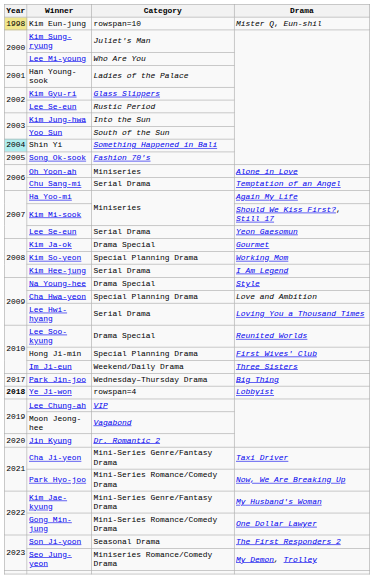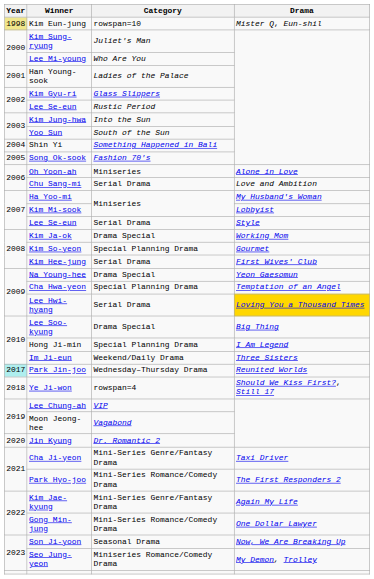 <table class="wikitable" style="width:600px">
 <tr>
 <th width=10>Year</th>
 <th>Winner</th>
 <th>Category</th>
 <th>Drama</th>
 </tr>
 <tr>
 <td style="background: khaki;">1998</td>
 <td>Kim Eun-jung</td>
 <td>rowspan=10 </td>
 <td><em>Mister Q</em>, <em>Eun-shil</em></td>
 </tr>
 <tr>
 <td rowspan=2>2000</td>
 <td><a href='#'>Kim Sung-ryung</a></td>
 <td><em>Juliet's Man</em></td>
 </tr>
 <tr>
 <td><a href='#'>Lee Mi-young</a></td>
 <td><em>Who Are You</em></td>
 </tr>
 <tr>
 <td>2001</td>
 <td>Han Young-sook</td>
 <td><em>Ladies of the Palace</em></td>
 </tr>
 <tr>
 <td rowspan=2>2002</td>
 <td><a href='#'>Kim Gyu-ri</a></td>
 <td><em><a href='#'>Glass Slippers</a></em></td>
 </tr>
 <tr>
 <td><a href='#'>Lee Se-eun</a></td>
 <td><em>Rustic Period</em></td>
 </tr>
 <tr>
 <td rowspan=2>2003</td>
 <td><a href='#'>Kim Jung-hwa</a></td>
 <td><em>Into the Sun</em></td>
 </tr>
 <tr>
 <td><a href='#'>Yoo Sun</a></td>
 <td><em>South of the Sun</em></td>
 </tr>
 <tr>
-<td style="background: paleturquoise;">2004</td>
+<td>2004</td>
 <td>Shin Yi</td>
 <td><em><a href='#'>Something Happened in Bali</a></em></td>
 </tr>
 <tr>
 <td>2005</td>
 <td><a href='#'>Song Ok-sook</a></td>
 <td><em><a href='#'>Fashion 70's</a></em></td>
 </tr>
 <tr>
 <td rowspan=2>2006</td>
 <td><a href='#'>Oh Yoon-ah</a></td>
 <td>Miniseries</td>
 <td><em><a href='#'>Alone in Love</a></em></td>
 </tr>
 <tr>
 <td><a href='#'>Chu Sang-mi</a></td>
 <td>Serial Drama</td>
-<td><em><a href='#'>Temptation of an Angel</a></em></td>
+<td><em>Love and Ambition</em></td>
 </tr>
 <tr>
 <td rowspan=3>2007</td>
 <td><a href='#'>Ha Yoo-mi</a></td>
 <td rowspan=2>Miniseries</td>
-<td><em><a href='#'>Again My Life</a></em></td>
+<td><em><a href='#'>My Husband's Woman</a></em></td>
 </tr>
 <tr>
 <td><a href='#'>Kim Mi-sook</a></td>
-<td><em><a href='#'>Should We Kiss First?</a></em>, <em><a href='#'>Still 17</a></em></td>
+<td><em><a href='#'>Lobbyist</a></em></td>
 </tr>
 <tr>
 <td><a href='#'>Lee Se-eun</a></td>
 <td>Serial Drama</td>
-<td><em><a href='#'>Yeon Gaesomun</a></em></td>
+<td><em><a href='#'>Style</a></em></td>
 </tr>
 <tr>
 <td rowspan=3>2008</td>
 <td><a href='#'>Kim Ja-ok</a></td>
 <td>Drama Special</td>
-<td><em><a href='#'>Gourmet</a></em></td>
+<td><em><a href='#'>Working Mom</a></em></td>
 </tr>
 <tr>
 <td><a href='#'>Kim So-yeon</a></td>
 <td>Special Planning Drama</td>
-<td><em><a href='#'>Working Mom</a></em></td>
+<td><em><a href='#'>Gourmet</a></em></td>
 </tr>
 <tr>
 <td><a href='#'>Kim Hee-jung</a></td>
 <td>Serial Drama</td>
-<td><em><a href='#'>I Am Legend</a></em></td>
+<td><em><a href='#'>First Wives' Club</a></em></td>
 </tr>
 <tr>
 <td rowspan=3>2009</td>
 <td><a href='#'>Na Young-hee</a></td>
 <td>Drama Special</td>
-<td><em><a href='#'>Style</a></em></td>
+<td><em><a href='#'>Yeon Gaesomun</a></em></td>
 </tr>
 <tr>
 <td><a href='#'>Cha Hwa-yeon</a></td>
 <td>Special Planning Drama</td>
-<td><em>Love and Ambition</em></td>
+<td><em><a href='#'>Temptation of an Angel</a></em></td>
 </tr>
 <tr>
 <td><a href='#'>Lee Hwi-hyang</a></td>
 <td>Serial Drama</td>
-<td><em><a href='#'>Loving You a Thousand Times</a></em></td>
+<td style="background: gold;"><em><a href='#'>Loving You a Thousand Times</a></em></td>
 </tr>
 <tr>
 <td rowspan=3>2010</td>
 <td><a href='#'>Lee Soo-kyung</a></td>
 <td>Drama Special</td>
-<td><em><a href='#'>Reunited Worlds</a></em></td>
+<td><em><a href='#'>Big Thing</a></em></td>
 </tr>
 <tr>
 <td>Hong Ji-min</td>
 <td>Special Planning Drama</td>
-<td><em><a href='#'>First Wives' Club</a></em></td>
+<td><em><a href='#'>I Am Legend</a></em></td>
 </tr>
 <tr>
 <td><a href='#'>Im Ji-eun</a></td>
 <td>Weekend/Daily Drama</td>
 <td><em><a href='#'>Three Sisters</a></em></td>
 </tr>
 <tr>
-<td>2017</td>
+<td style="background: paleturquoise;">2017</td>
 <td><a href='#'>Park Jin-joo</a></td>
 <td>Wednesday–Thursday Drama</td>
-<td><em><a href='#'>Big Thing</a></em></td>
+<td><em><a href='#'>Reunited Worlds</a></em></td>
 </tr>
 <tr>
-<td><strong>2018</strong></td>
+<td>2018</td>
 <td><a href='#'>Ye Ji-won</a></td>
 <td>rowspan=4 </td>
-<td><em><a href='#'>Lobbyist</a></em></td>
+<td><em><a href='#'>Should We Kiss First?</a></em>, <em><a href='#'>Still 17</a></em></td>
 </tr>
 <tr>
 <td rowspan=2>2019</td>
 <td><a href='#'>Lee Chung-ah</a></td>
 <td><em><a href='#'>VIP</a></em></td>
 </tr>
 <tr>
 <td>Moon Jeong-hee</td>
 <td><em><a href='#'>Vagabond</a></em></td>
 </tr>
 <tr>
 <td>2020</td>
 <td><a href='#'>Jin Kyung</a></td>
 <td><em><a href='#'>Dr. Romantic 2</a></em></td>
 </tr>
 <tr>
 <td rowspan=2>2021</td>
 <td><a href='#'>Cha Ji-yeon</a></td>
 <td>Mini-Series Genre/Fantasy Drama</td>
 <td><em><a href='#'>Taxi Driver</a></em></td>
 </tr>
 <tr>
 <td><a href='#'>Park Hyo-joo</a></td>
 <td>Mini-Series Romance/Comedy Drama</td>
-<td><em><a href='#'>Now, We Are Breaking Up</a></em></td>
+<td><em><a href='#'>The First Responders 2</a></em></td>
 </tr>
 <tr>
 <td rowspan=2>2022</td>
 <td><a href='#'>Kim Jae-kyung</a></td>
 <td>Mini-Series Genre/Fantasy Drama</td>
-<td><em><a href='#'>My Husband's Woman</a></em></td>
+<td><em><a href='#'>Again My Life</a></em></td>
 </tr>
 <tr>
 <td><a href='#'>Gong Min-jung</a></td>
 <td>Mini-Series Romance/Comedy Drama</td>
 <td><em><a href='#'>One Dollar Lawyer</a></em></td>
 </tr>
 <tr>
 <td rowspan="2">2023</td>
 <td><a href='#'>Son Ji-yoon</a></td>
 <td>Seasonal Drama</td>
-<td><em><a href='#'>The First Responders 2</a></em></td>
+<td><em><a href='#'>Now, We Are Breaking Up</a></em></td>
 </tr>
 <tr>
 <td><a href='#'>Seo Jung-yeon</a></td>
 <td>Miniseries Romance/Comedy Drama</td>
 <td><em><a href='#'>My Demon</a>, <a href='#'>Trolley</a></em></td>
 </tr>
 <tr>
 <td></td>
 <td></td>
 <td></td>
 <td></td>
 </tr>
 </table>
